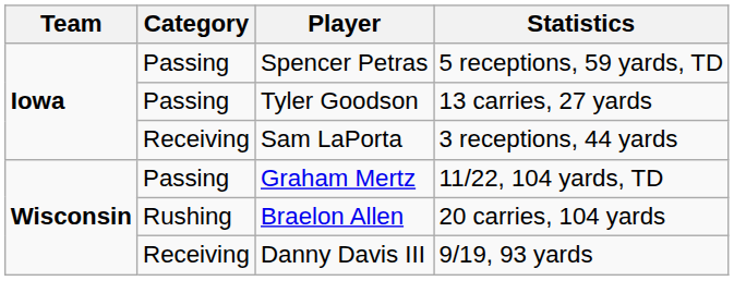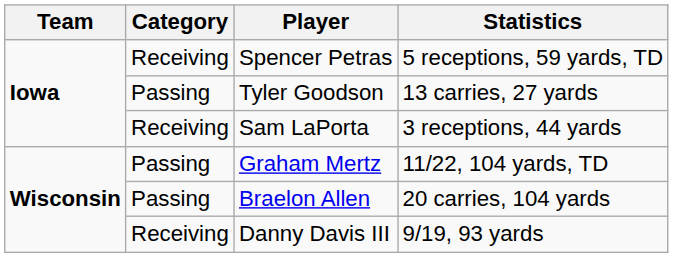 <table class="wikitable" style="float: left;">
 <tr>
 <th>Team</th>
 <th>Category</th>
 <th>Player</th>
 <th>Statistics</th>
 </tr>
 <tr>
 <td rowspan=3><strong>Iowa</strong></td>
-<td>Passing</td>
+<td>Receiving</td>
 <td>Spencer Petras</td>
 <td>5 receptions, 59 yards, TD</td>
 </tr>
 <tr>
 <td>Passing</td>
 <td>Tyler Goodson</td>
 <td>13 carries, 27 yards</td>
 </tr>
 <tr>
 <td>Receiving</td>
 <td>Sam LaPorta</td>
 <td>3 receptions, 44 yards</td>
 </tr>
 <tr>
 <td rowspan=3><strong>Wisconsin</strong></td>
 <td>Passing</td>
 <td><a href='#'>Graham Mertz</a></td>
 <td>11/22, 104 yards, TD</td>
 </tr>
 <tr>
-<td>Rushing</td>
+<td>Passing</td>
 <td><a href='#'>Braelon Allen</a></td>
 <td>20 carries, 104 yards</td>
 </tr>
 <tr>
 <td>Receiving</td>
 <td>Danny Davis III</td>
 <td>9/19, 93 yards</td>
 </tr>
 </table>
